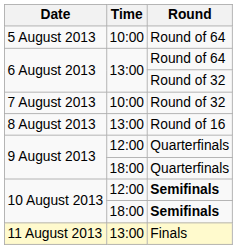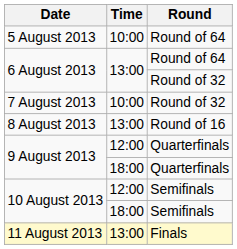 <table class="wikitable">
 <tr>
 <th>Date</th>
 <th>Time</th>
 <th>Round</th>
 </tr>
 <tr>
 <td>5 August 2013</td>
 <td>10:00</td>
 <td>Round of 64</td>
 </tr>
 <tr>
 <td rowspan=2>6 August 2013</td>
 <td rowspan=2>13:00</td>
 <td>Round of 64</td>
 </tr>
 <tr>
 <td>Round of 32</td>
 </tr>
 <tr>
 <td>7 August 2013</td>
 <td>10:00</td>
 <td>Round of 32</td>
 </tr>
 <tr>
 <td>8 August 2013</td>
 <td>13:00</td>
 <td>Round of 16</td>
 </tr>
 <tr>
 <td rowspan=2>9 August 2013</td>
 <td>12:00</td>
 <td>Quarterfinals</td>
 </tr>
 <tr>
 <td>18:00</td>
 <td>Quarterfinals</td>
 </tr>
 <tr>
 <td rowspan=2>10 August 2013</td>
 <td>12:00</td>
-<td><strong>Semifinals</strong></td>
+<td>Semifinals</td>
 </tr>
 <tr>
 <td>18:00</td>
-<td><strong>Semifinals</strong></td>
+<td>Semifinals</td>
 </tr>
 <tr style="background:lemonchiffon">
 <td>11 August 2013</td>
 <td>13:00</td>
 <td>Finals</td>
 </tr>
 </table>
